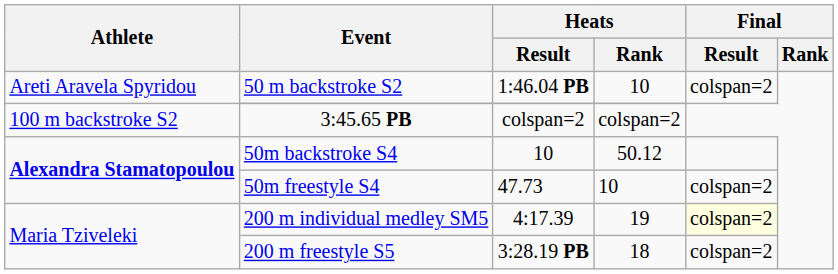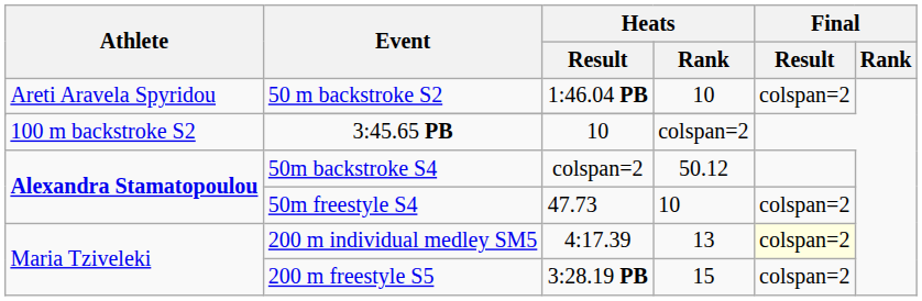 <table class=wikitable style="font-size:90%">
 <tr>
 <th rowspan="2">Athlete</th>
 <th rowspan="2">Event</th>
 <th colspan="2">Heats</th>
 <th colspan="2">Final</th>
 </tr>
 <tr>
 <th>Result</th>
 <th>Rank</th>
 <th>Result</th>
 <th>Rank</th>
 </tr>
 <tr align=center>
 <td align=left rowspan=2><a href='#'>Areti Aravela Spyridou</a></td>
 <td align=left><a href='#'>50 m backstroke S2</a></td>
 <td>1:46.04 <strong>PB</strong></td>
 <td>10</td>
 <td>colspan=2 </td>
 </tr>
 <tr align=center>
 </tr>
 <tr align=center>
 <td align=left><a href='#'>100 m backstroke S2</a></td>
 <td>3:45.65 <strong>PB</strong></td>
-<td>colspan=2 </td>
+<td>10</td>
 <td>colspan=2 </td>
 </tr>
 <tr align=center>
 <td align=left rowspan=2><strong><a href='#'>Alexandra Stamatopoulou</a></strong></td>
 <td align=left><a href='#'>50m backstroke S4</a></td>
-<td>10</td>
+<td>colspan=2 </td>
 <td>50.12</td>
 <td></td>
 </tr>
 <tr>
 <td align=left><a href='#'>50m freestyle S4</a></td>
 <td>47.73</td>
 <td>10</td>
 <td>colspan=2 </td>
 </tr>
 <tr align=center>
 <td align=left rowspan=2><a href='#'>Maria Tziveleki</a></td>
 <td align=left><a href='#'>200 m individual medley SM5</a></td>
 <td>4:17.39</td>
-<td>19</td>
+<td>13</td>
 <td style="background: lightyellow;">colspan=2 </td>
 </tr>
 <tr align=center>
 <td align=left><a href='#'>200 m freestyle S5</a></td>
 <td>3:28.19 <strong>PB</strong></td>
-<td>18</td>
+<td>15</td>
 <td>colspan=2 </td>
 </tr>
 </table>
